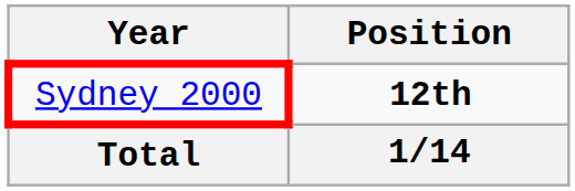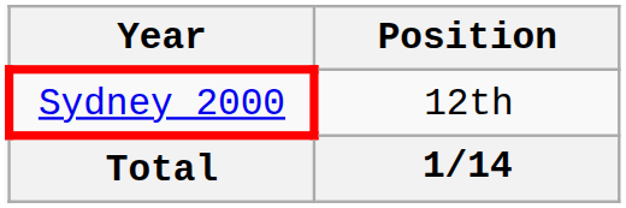 <table class="wikitable" style="text-align: center;">
 <tr>
 <th width="100">Year</th>
 <th width="100">Position</th>
 </tr>
 <tr>
 <td style="border: 3px solid red"><a href='#'>Sydney 2000</a></td>
-<td><strong>12th</strong></td>
+<td>12th</td>
 </tr>
 <tr>
 <th>Total</th>
 <th>1/14</th>
 </tr>
 </table>
